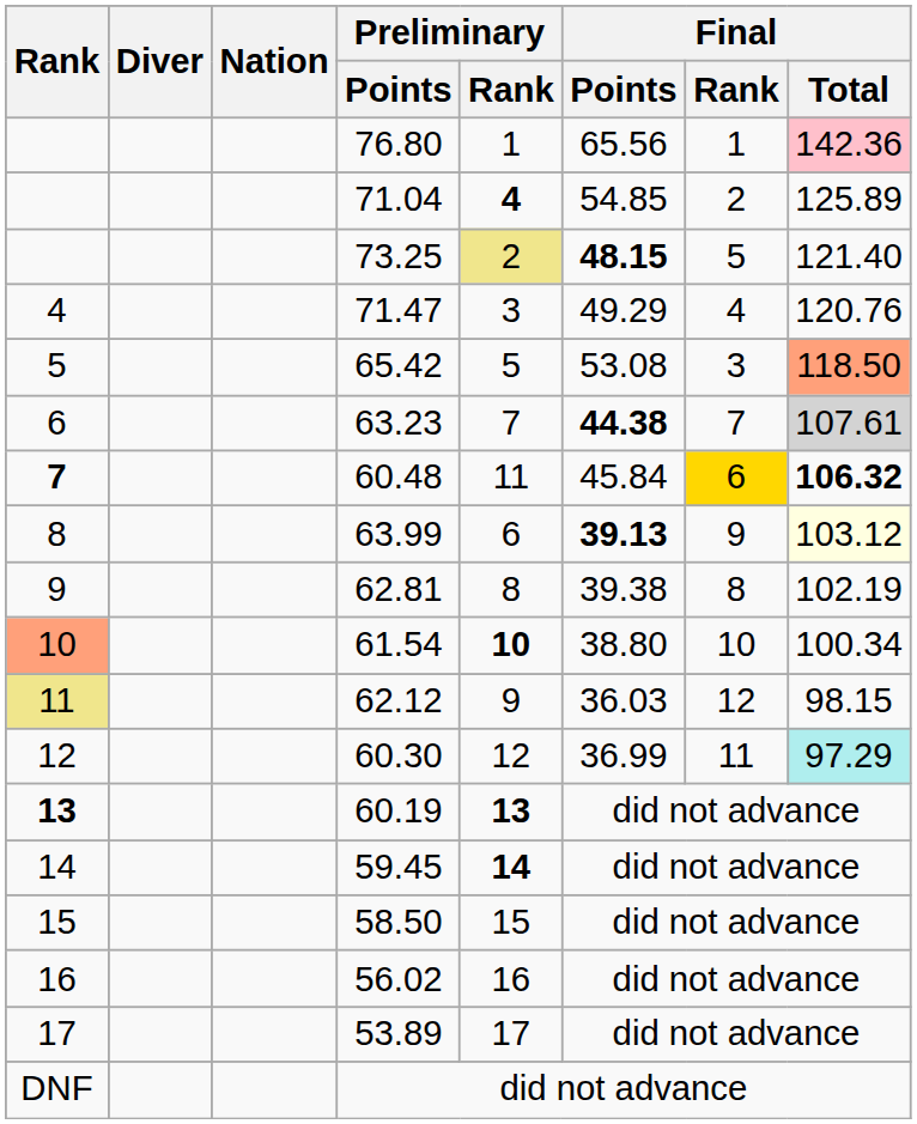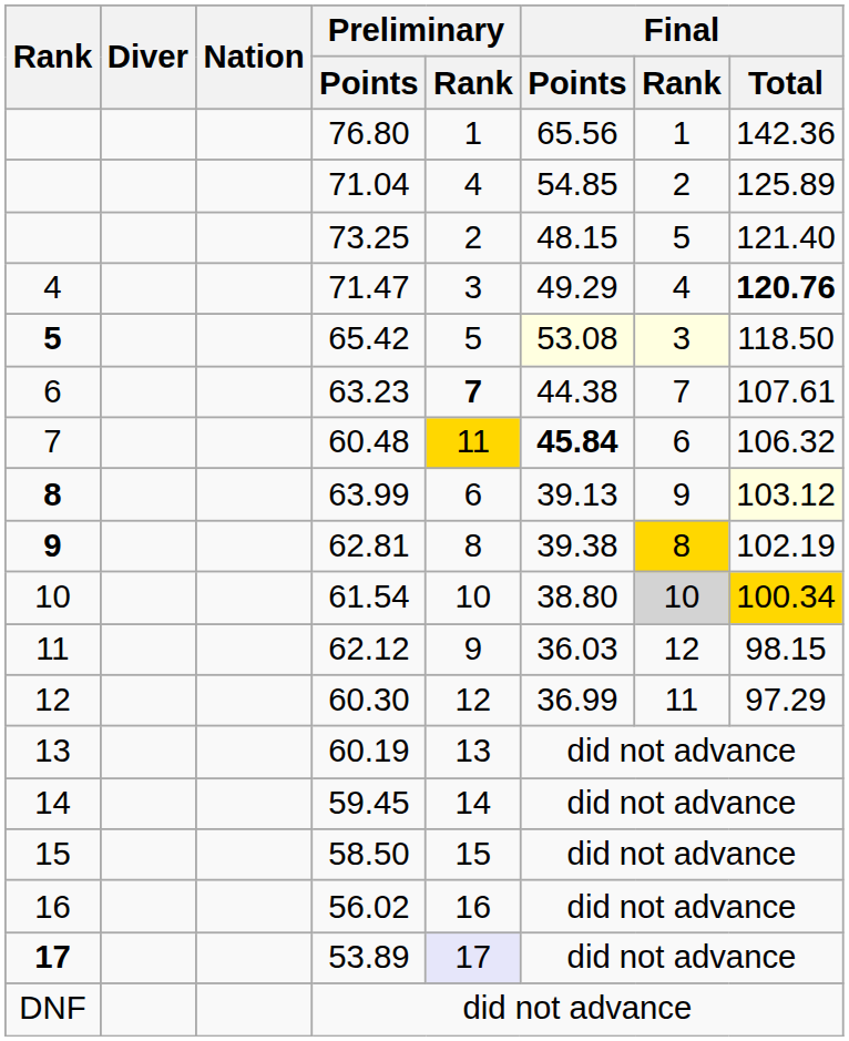 <table class="wikitable sortable" style="text-align:center;">
 <tr>
 <th rowspan=2>Rank</th>
 <th rowspan=2>Diver</th>
 <th rowspan=2>Nation</th>
 <th colspan=2>Preliminary</th>
 <th colspan=3>Final</th>
 </tr>
 <tr>
 <th>Points</th>
 <th>Rank</th>
 <th>Points</th>
 <th>Rank</th>
 <th>Total</th>
 </tr>
 <tr>
 <td></td>
 <td align=left></td>
 <td align=left></td>
 <td>76.80</td>
 <td>1</td>
 <td>65.56</td>
 <td>1</td>
-<td style="background: pink;">142.36</td>
+<td>142.36</td>
 </tr>
 <tr>
 <td></td>
 <td align=left></td>
 <td align=left></td>
 <td>71.04</td>
-<td><strong>4</strong></td>
+<td>4</td>
 <td>54.85</td>
 <td>2</td>
 <td>125.89</td>
 </tr>
 <tr>
 <td></td>
 <td align=left></td>
 <td align=left></td>
 <td>73.25</td>
-<td style="background: khaki;">2</td>
-<td><strong>48.15</strong></td>
+<td>2</td>
+<td>48.15</td>
 <td>5</td>
 <td>121.40</td>
 </tr>
 <tr>
 <td>4</td>
 <td align=left></td>
 <td align=left></td>
 <td>71.47</td>
 <td>3</td>
 <td>49.29</td>
 <td>4</td>
-<td>120.76</td>
+<td><strong>120.76</strong></td>
 </tr>
 <tr>
-<td>5</td>
+<td><strong>5</strong></td>
 <td align=left></td>
 <td align=left></td>
 <td>65.42</td>
 <td>5</td>
-<td>53.08</td>
-<td>3</td>
-<td style="background: lightsalmon;">118.50</td>
+<td style="background: lightyellow;">53.08</td>
+<td style="background: lightyellow;">3</td>
+<td>118.50</td>
 </tr>
 <tr>
 <td>6</td>
 <td align=left></td>
 <td align=left></td>
 <td>63.23</td>
+<td><strong>7</strong></td>
+<td>44.38</td>
 <td>7</td>
-<td><strong>44.38</strong></td>
-<td>7</td>
-<td style="background: lightgrey;">107.61</td>
+<td>107.61</td>
 </tr>
 <tr>
-<td><strong>7</strong></td>
+<td>7</td>
 <td align=left></td>
 <td align=left></td>
 <td>60.48</td>
-<td>11</td>
-<td>45.84</td>
-<td style="background: gold;">6</td>
-<td><strong>106.32</strong></td>
+<td style="background: gold;">11</td>
+<td><strong>45.84</strong></td>
+<td>6</td>
+<td>106.32</td>
 </tr>
 <tr>
-<td>8</td>
+<td><strong>8</strong></td>
 <td align=left></td>
 <td align=left></td>
 <td>63.99</td>
 <td>6</td>
-<td><strong>39.13</strong></td>
+<td>39.13</td>
 <td>9</td>
 <td style="background: lightyellow;">103.12</td>
 </tr>
 <tr>
-<td>9</td>
+<td><strong>9</strong></td>
 <td align=left></td>
 <td align=left></td>
 <td>62.81</td>
 <td>8</td>
 <td>39.38</td>
-<td>8</td>
+<td style="background: gold;">8</td>
 <td>102.19</td>
 </tr>
 <tr>
-<td style="background: lightsalmon;">10</td>
+<td>10</td>
 <td align=left></td>
 <td align=left></td>
 <td>61.54</td>
-<td><strong>10</strong></td>
+<td>10</td>
 <td>38.80</td>
-<td>10</td>
-<td>100.34</td>
+<td style="background: lightgrey;">10</td>
+<td style="background: gold;">100.34</td>
 </tr>
 <tr>
-<td style="background: khaki;">11</td>
+<td>11</td>
 <td align=left></td>
 <td align=left></td>
 <td>62.12</td>
 <td>9</td>
 <td>36.03</td>
 <td>12</td>
 <td>98.15</td>
 </tr>
 <tr>
 <td>12</td>
 <td align=left></td>
 <td align=left></td>
 <td>60.30</td>
 <td>12</td>
 <td>36.99</td>
 <td>11</td>
-<td style="background: paleturquoise;">97.29</td>
+<td>97.29</td>
 </tr>
 <tr>
-<td><strong>13</strong></td>
+<td>13</td>
 <td align=left></td>
 <td align=left></td>
 <td>60.19</td>
-<td><strong>13</strong></td>
+<td>13</td>
 <td colspan=3>did not advance</td>
 </tr>
 <tr>
 <td>14</td>
 <td align=left></td>
 <td align=left></td>
 <td>59.45</td>
-<td><strong>14</strong></td>
+<td>14</td>
 <td colspan=3>did not advance</td>
 </tr>
 <tr>
 <td>15</td>
 <td align=left></td>
 <td align="left"></td>
 <td>58.50</td>
 <td>15</td>
 <td colspan=3>did not advance</td>
 </tr>
 <tr>
 <td>16</td>
 <td align=left></td>
 <td align=left></td>
 <td>56.02</td>
 <td>16</td>
 <td colspan=3>did not advance</td>
 </tr>
 <tr>
-<td>17</td>
+<td><strong>17</strong></td>
 <td align=left></td>
 <td align=left></td>
 <td>53.89</td>
-<td>17</td>
+<td style="background: lavender;">17</td>
 <td colspan=3>did not advance</td>
 </tr>
 <tr>
 <td>DNF</td>
 <td align=left></td>
 <td align=left></td>
 <td colspan=5>did not advance</td>
 </tr>
 </table>
